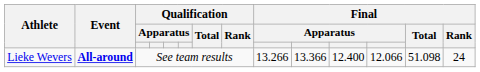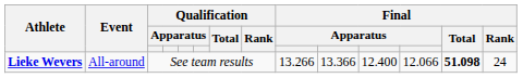 <table class=wikitable style=font-size:90%;text-align:center>
 <tr>
 <th rowspan=3>Athlete</th>
 <th rowspan=3>Event</th>
 <th colspan=6>Qualification</th>
 <th colspan=6>Final</th>
 </tr>
 <tr style=font-size:95%>
 <th colspan=4>Apparatus</th>
 <th rowspan=2>Total</th>
 <th rowspan=2>Rank</th>
 <th colspan=4>Apparatus</th>
 <th rowspan=2>Total</th>
 <th rowspan=2>Rank</th>
 </tr>
 <tr style=font-size:95%>
 <th></th>
 <th></th>
 <th></th>
 <th></th>
 <th></th>
 <th></th>
 <th></th>
 <th></th>
 </tr>
 <tr>
-<td align=left><a href='#'>Lieke Wevers</a></td>
-<td align=left><strong><a href='#'>All-around</a></strong></td>
+<td align=left><strong><a href='#'>Lieke Wevers</a></strong></td>
+<td align=left><a href='#'>All-around</a></td>
 <td colspan=6><em>See team results</em></td>
 <td>13.266</td>
 <td>13.366</td>
 <td>12.400</td>
 <td>12.066</td>
-<td>51.098</td>
+<td><strong>51.098</strong></td>
 <td>24</td>
 </tr>
 </table>
